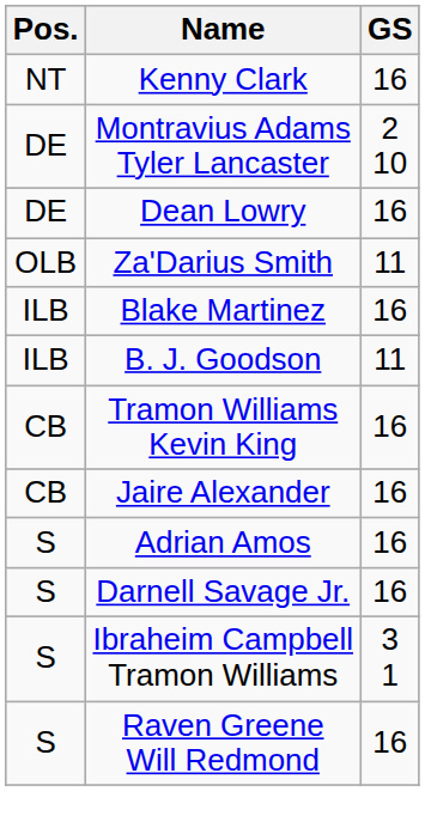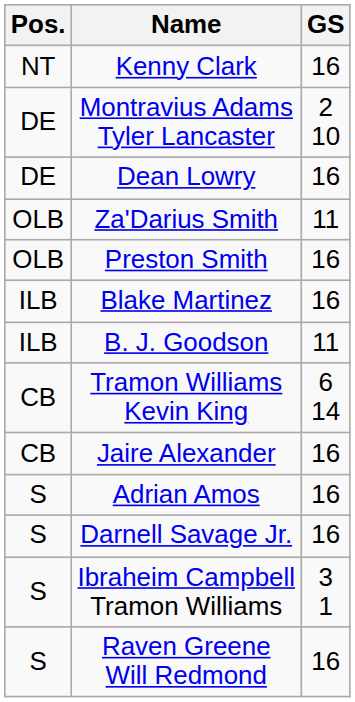 <table class="wikitable" style="text-align:center">
 <tr>
 <th>Pos.</th>
 <th>Name</th>
 <th>GS</th>
 </tr>
 <tr>
 <td>NT</td>
 <td><a href='#'>Kenny Clark</a></td>
 <td>16</td>
 </tr>
 <tr>
 <td>DE</td>
 <td><a href='#'>Montravius Adams</a><br><a href='#'>Tyler Lancaster</a></td>
 <td>2<br>10</td>
 </tr>
 <tr>
 <td>DE</td>
 <td><a href='#'>Dean Lowry</a></td>
 <td>16</td>
 </tr>
 <tr>
 <td>OLB</td>
 <td><a href='#'>Za'Darius Smith</a></td>
 <td>11</td>
 </tr>
 <tr>
+<td>OLB</td>
+<td><a href='#'>Preston Smith</a></td>
+<td>16</td>
+</tr>
+<tr>
 <td>ILB</td>
 <td><a href='#'>Blake Martinez</a></td>
 <td>16</td>
 </tr>
 <tr>
 <td>ILB</td>
 <td><a href='#'>B. J. Goodson</a></td>
 <td>11</td>
 </tr>
 <tr>
 <td>CB</td>
 <td><a href='#'>Tramon Williams</a><br><a href='#'>Kevin King</a></td>
-<td>16</td>
+<td>6<br>14</td>
 </tr>
 <tr>
 <td>CB</td>
 <td><a href='#'>Jaire Alexander</a></td>
 <td>16</td>
 </tr>
 <tr>
 <td>S</td>
 <td><a href='#'>Adrian Amos</a></td>
 <td>16</td>
 </tr>
 <tr>
 <td>S</td>
 <td><a href='#'>Darnell Savage Jr.</a></td>
 <td>16</td>
 </tr>
 <tr>
 <td>S</td>
 <td><a href='#'>Ibraheim Campbell</a><br>Tramon Williams</td>
 <td>3<br>1</td>
 </tr>
 <tr>
 <td>S</td>
 <td><a href='#'>Raven Greene</a><br><a href='#'>Will Redmond</a></td>
 <td>16</td>
 </tr>
 </table>
